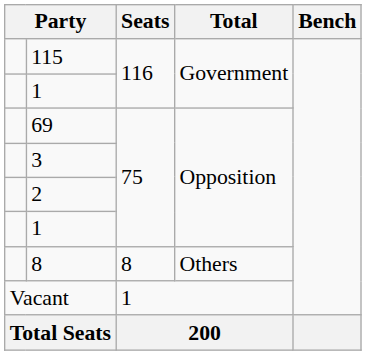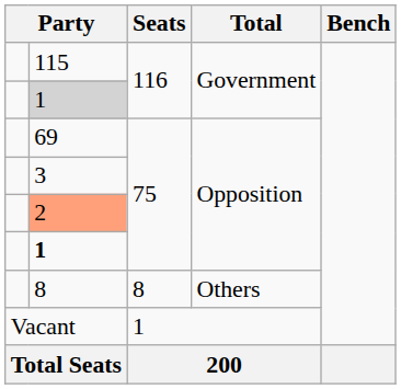 <table class="wikitable sortable">
 <tr>
 <th colspan="2">Party</th>
 <th>Seats</th>
 <th>Total</th>
 <th>Bench</th>
 </tr>
 <tr>
 <td></td>
 <td>115</td>
 <td rowspan="2">116</td>
 <td rowspan="2">Government</td>
 </tr>
 <tr>
 <td></td>
-<td>1</td>
+<td style="background: lightgrey;">1</td>
 </tr>
 <tr>
 <td></td>
 <td>69</td>
 <td rowspan=4>75</td>
 <td rowspan=4>Opposition</td>
 </tr>
 <tr>
 <td></td>
 <td>3</td>
 </tr>
 <tr>
 <td></td>
-<td>2</td>
+<td style="background: lightsalmon;">2</td>
 </tr>
 <tr>
 <td></td>
-<td>1</td>
+<td><strong>1</strong></td>
 </tr>
 <tr>
 <td></td>
 <td>8</td>
 <td>8</td>
 <td>Others</td>
 </tr>
 <tr>
 <td colspan="2">Vacant</td>
 <td colspan="2">1</td>
 </tr>
 <tr>
 <th colspan="2">Total Seats</th>
 <th colspan="2">200</th>
 <th></th>
 </tr>
 </table>
